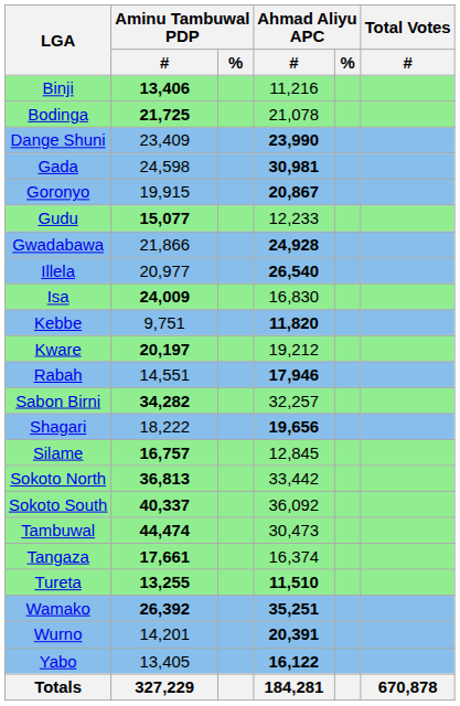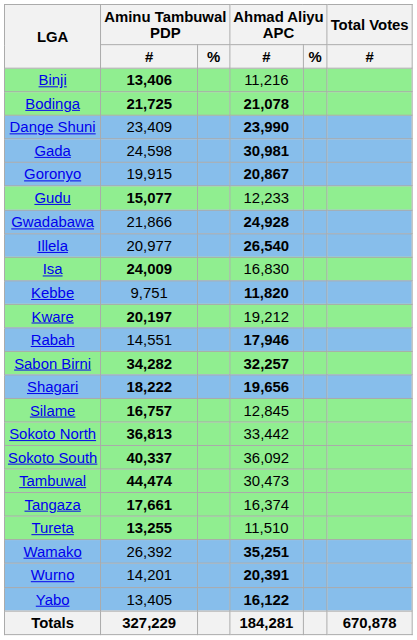 <table class="wikitable sortable" style=" font-size: 95%">
 <tr>
 <th rowspan="2">LGA</th>
 <th colspan="2">Aminu Tambuwal<br>PDP</th>
 <th colspan="2">Ahmad Aliyu<br>APC</th>
 <th>Total Votes</th>
 </tr>
 <tr>
 <th>#</th>
 <th>%</th>
 <th>#</th>
 <th>%</th>
 <th>#</th>
 </tr>
 <tr>
 <td bgcolor=#90EE90 align="center"><a href='#'>Binji</a></td>
 <td bgcolor=#90EE90 align="center"><strong>13,406</strong></td>
 <td bgcolor=#90EE90 align="center"></td>
 <td bgcolor=#90EE90 align="center">11,216</td>
 <td bgcolor=#90EE90 align="center"></td>
 <td bgcolor=#90EE90 align="center"></td>
 </tr>
 <tr>
 <td bgcolor=#90EE90 align="center"><a href='#'>Bodinga</a></td>
 <td bgcolor=#90EE90 align="center"><strong>21,725</strong></td>
 <td bgcolor=#90EE90 align="center"></td>
-<td bgcolor=#90EE90 align="center">21,078</td>
+<td bgcolor=#90EE90 align="center"><strong>21,078</strong></td>
 <td bgcolor=#90EE90 align="center"></td>
 <td bgcolor=#90EE90 align="center"></td>
 </tr>
 <tr>
 <td bgcolor=#87BEEB align="center"><a href='#'>Dange Shuni</a></td>
 <td bgcolor=#87BEEB align="center">23,409</td>
 <td bgcolor=#87BEEB align="center"></td>
 <td bgcolor=#87BEEB align="center"><strong>23,990</strong></td>
 <td bgcolor=#87BEEB align="center"></td>
 <td bgcolor=#87BEEB align="center"></td>
 </tr>
 <tr>
 <td bgcolor=#87BEEB align="center"><a href='#'>Gada</a></td>
 <td bgcolor=#87BEEB align="center">24,598</td>
 <td bgcolor=#87BEEB align="center"></td>
 <td bgcolor=#87BEEB align="center"><strong>30,981</strong></td>
 <td bgcolor=#87BEEB align="center"></td>
 <td bgcolor=#87BEEB align="center"></td>
 </tr>
 <tr>
 <td bgcolor=#87BEEB align="center"><a href='#'>Goronyo</a></td>
 <td bgcolor=#87BEEB align="center">19,915</td>
 <td bgcolor=#87BEEB align="center"></td>
 <td bgcolor=#87BEEB align="center"><strong>20,867</strong></td>
 <td bgcolor=#87BEEB align="center"></td>
 <td bgcolor=#87BEEB align="center"></td>
 </tr>
 <tr>
 <td bgcolor=#90EE90 align="center"><a href='#'>Gudu</a></td>
 <td bgcolor=#90EE90 align="center"><strong>15,077</strong></td>
 <td bgcolor=#90EE90 align="center"></td>
 <td bgcolor=#90EE90 align="center">12,233</td>
 <td bgcolor=#90EE90 align="center"></td>
 <td bgcolor=#90EE90 align="center"></td>
 </tr>
 <tr>
 <td bgcolor=#87BEEB align="center"><a href='#'>Gwadabawa</a></td>
 <td bgcolor=#87BEEB align="center">21,866</td>
 <td bgcolor=#87BEEB align="center"></td>
 <td bgcolor=#87BEEB align="center"><strong>24,928</strong></td>
 <td bgcolor=#87BEEB align="center"></td>
 <td bgcolor=#87BEEB align="center"></td>
 </tr>
 <tr>
 <td bgcolor=#87BEEB align="center"><a href='#'>Illela</a></td>
 <td bgcolor=#87BEEB align="center">20,977</td>
 <td bgcolor=#87BEEB align="center"></td>
 <td bgcolor=#87BEEB align="center"><strong>26,540</strong></td>
 <td bgcolor=#87BEEB align="center"></td>
 <td bgcolor=#87BEEB align="center"></td>
 </tr>
 <tr>
 <td bgcolor=#90EE90 align="center"><a href='#'>Isa</a></td>
 <td bgcolor=#90EE90 align="center"><strong>24,009</strong></td>
 <td bgcolor=#90EE90 align="center"></td>
 <td bgcolor=#90EE90 align="center">16,830</td>
 <td bgcolor=#90EE90 align="center"></td>
 <td bgcolor=#90EE90 align="center"></td>
 </tr>
 <tr>
 <td bgcolor=#87BEEB align="center"><a href='#'>Kebbe</a></td>
 <td bgcolor=#87BEEB align="center">9,751</td>
 <td bgcolor=#87BEEB align="center"></td>
 <td bgcolor=#87BEEB align="center"><strong>11,820</strong></td>
 <td bgcolor=#87BEEB align="center"></td>
 <td bgcolor=#87BEEB align="center"></td>
 </tr>
 <tr>
 <td bgcolor=#90EE90 align="center"><a href='#'>Kware</a></td>
 <td bgcolor=#90EE90 align="center"><strong>20,197</strong></td>
 <td bgcolor=#90EE90 align="center"></td>
 <td bgcolor=#90EE90 align="center">19,212</td>
 <td bgcolor=#90EE90 align="center"></td>
 <td bgcolor=#90EE90 align="center"></td>
 </tr>
 <tr>
 <td bgcolor=#87BEEB align="center"><a href='#'>Rabah</a></td>
 <td bgcolor=#87BEEB align="center">14,551</td>
 <td bgcolor=#87BEEB align="center"></td>
 <td bgcolor=#87BEEB align="center"><strong>17,946</strong></td>
 <td bgcolor=#87BEEB align="center"></td>
 <td bgcolor=#87BEEB align="center"></td>
 </tr>
 <tr>
 <td bgcolor=#90EE90 align="center"><a href='#'>Sabon Birni</a></td>
 <td bgcolor=#90EE90 align="center"><strong>34,282</strong></td>
 <td bgcolor=#90EE90 align="center"></td>
-<td bgcolor=#90EE90 align="center">32,257</td>
+<td bgcolor=#90EE90 align="center"><strong>32,257</strong></td>
 <td bgcolor=#90EE90 align="center"></td>
 <td bgcolor=#90EE90 align="center"></td>
 </tr>
 <tr>
 <td bgcolor=#87BEEB align="center"><a href='#'>Shagari</a></td>
-<td bgcolor=#87BEEB align="center">18,222</td>
+<td bgcolor=#87BEEB align="center"><strong>18,222</strong></td>
 <td bgcolor=#87BEEB align="center"></td>
 <td bgcolor=#87BEEB align="center"><strong>19,656</strong></td>
 <td bgcolor=#87BEEB align="center"></td>
 <td bgcolor=#87BEEB align="center"></td>
 </tr>
 <tr>
 <td bgcolor=#90EE90 align="center"><a href='#'>Silame</a></td>
 <td bgcolor=#90EE90 align="center"><strong>16,757</strong></td>
 <td bgcolor=#90EE90 align="center"></td>
 <td bgcolor=#90EE90 align="center">12,845</td>
 <td bgcolor=#90EE90 align="center"></td>
 <td bgcolor=#90EE90 align="center"></td>
 </tr>
 <tr>
 <td bgcolor=#90EE90 align="center"><a href='#'>Sokoto North</a></td>
 <td bgcolor=#90EE90 align="center"><strong>36,813</strong></td>
 <td bgcolor=#90EE90 align="center"></td>
 <td bgcolor=#90EE90 align="center">33,442</td>
 <td bgcolor=#90EE90 align="center"></td>
 <td bgcolor=#90EE90 align="center"></td>
 </tr>
 <tr>
 <td bgcolor=#90EE90 align="center"><a href='#'>Sokoto South</a></td>
 <td bgcolor=#90EE90 align="center"><strong>40,337</strong></td>
 <td bgcolor=#90EE90 align="center"></td>
 <td bgcolor=#90EE90 align="center">36,092</td>
 <td bgcolor=#90EE90 align="center"></td>
 <td bgcolor=#90EE90 align="center"></td>
 </tr>
 <tr>
 <td bgcolor=#90EE90 align="center"><a href='#'>Tambuwal</a></td>
 <td bgcolor=#90EE90 align="center"><strong>44,474</strong></td>
 <td bgcolor=#90EE90 align="center"></td>
 <td bgcolor=#90EE90 align="center">30,473</td>
 <td bgcolor=#90EE90 align="center"></td>
 <td bgcolor=#90EE90 align="center"></td>
 </tr>
 <tr>
 <td bgcolor=#90EE90 align="center"><a href='#'>Tangaza</a></td>
 <td bgcolor=#90EE90 align="center"><strong>17,661</strong></td>
 <td bgcolor=#90EE90 align="center"></td>
 <td bgcolor=#90EE90 align="center">16,374</td>
 <td bgcolor=#90EE90 align="center"></td>
 <td bgcolor=#90EE90 align="center"></td>
 </tr>
 <tr>
 <td bgcolor=#90EE90 align="center"><a href='#'>Tureta</a></td>
 <td bgcolor=#90EE90 align="center"><strong>13,255</strong></td>
 <td bgcolor=#90EE90 align="center"></td>
-<td bgcolor=#90EE90 align="center"><strong>11,510</strong></td>
+<td bgcolor=#90EE90 align="center">11,510</td>
 <td bgcolor=#90EE90 align="center"></td>
 <td bgcolor=#90EE90 align="center"></td>
 </tr>
 <tr>
 <td bgcolor=#87BEEB align="center"><a href='#'>Wamako</a></td>
-<td bgcolor=#87BEEB align="center"><strong>26,392</strong></td>
+<td bgcolor=#87BEEB align="center">26,392</td>
 <td bgcolor=#87BEEB align="center"></td>
 <td bgcolor=#87BEEB align="center"><strong>35,251</strong></td>
 <td bgcolor=#87BEEB align="center"></td>
 <td bgcolor=#87BEEB align="center"></td>
 </tr>
 <tr>
 <td bgcolor=#87BEEB align="center"><a href='#'>Wurno</a></td>
 <td bgcolor=#87BEEB align="center">14,201</td>
 <td bgcolor=#87BEEB align="center"></td>
 <td bgcolor=#87BEEB align="center"><strong>20,391</strong></td>
 <td bgcolor=#87BEEB align="center"></td>
 <td bgcolor=#87BEEB align="center"></td>
 </tr>
 <tr>
 <td bgcolor=#87BEEB align="center"><a href='#'>Yabo</a></td>
 <td bgcolor=#87BEEB align="center">13,405</td>
 <td bgcolor=#87BEEB align="center"></td>
 <td bgcolor=#87BEEB align="center"><strong>16,122</strong></td>
 <td bgcolor=#87BEEB align="center"></td>
 <td bgcolor=#87BEEB align="center"></td>
 </tr>
 <tr>
 <th>Totals</th>
 <th><strong>327,229</strong></th>
 <th></th>
 <th><strong>184,281</strong></th>
 <th></th>
 <th>670,878</th>
 </tr>
 </table>
